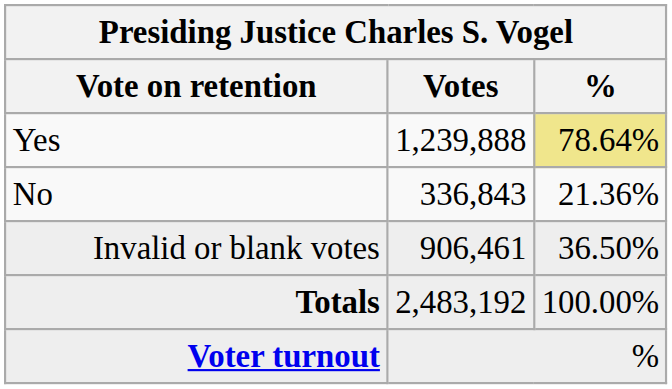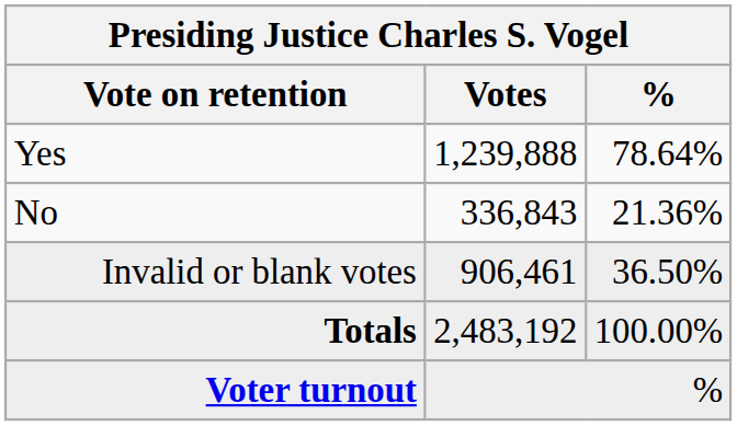 <table class="wikitable" style="font-size: 95%;">
 <tr style="background-color:#E9E9E9">
 <th colspan=7>Presiding Justice Charles S. Vogel</th>
 </tr>
 <tr style="background-color:#E9E9E9">
 <th style="width: 170px">Vote on retention</th>
 <th style="width: 50px">Votes</th>
 <th style="width: 40px">%</th>
 </tr>
 <tr>
 <td>Yes</td>
 <td align="right">1,239,888</td>
-<td align="right" style="background: khaki;">78.64%</td>
+<td align="right">78.64%</td>
 </tr>
 <tr>
 <td>No</td>
 <td align="right">336,843</td>
 <td align="right">21.36%</td>
 </tr>
 <tr style="background-color:#EEEEEE">
 <td align="right">Invalid or blank votes</td>
 <td align="right">906,461</td>
 <td align="right">36.50%</td>
 </tr>
 <tr style="background-color:#EEEEEE">
 <td colspan="1" align="right"><strong>Totals</strong></td>
 <td align="right">2,483,192</td>
 <td align="right">100.00%</td>
 </tr>
 <tr style="background-color:#EEEEEE">
 <td align="right"><strong><a href='#'>Voter turnout</a></strong></td>
 <td colspan="2" align="right">%</td>
 </tr>
 </table>
